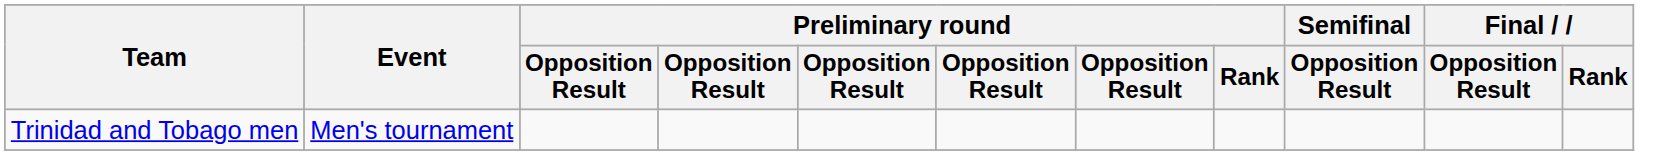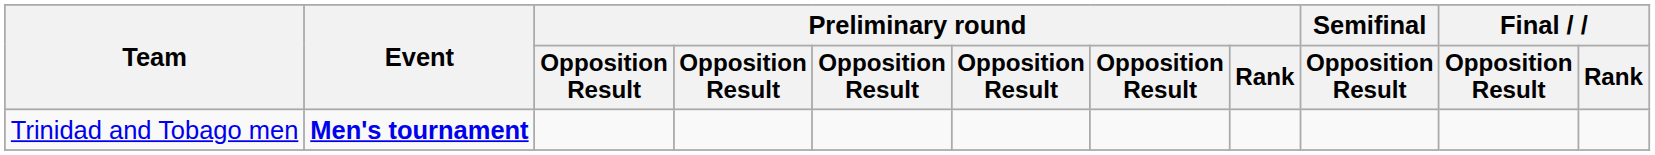 <table class=wikitable style=font-size:90%;text-align:center>
 <tr>
 <th rowspan=2>Team</th>
 <th rowspan=2>Event</th>
 <th colspan=6>Preliminary round</th>
 <th>Semifinal</th>
 <th colspan=2>Final /  / </th>
 </tr>
 <tr style=font-size:95%>
 <th>Opposition<br>Result</th>
 <th>Opposition<br>Result</th>
 <th>Opposition<br>Result</th>
 <th>Opposition<br>Result</th>
 <th>Opposition<br>Result</th>
 <th>Rank</th>
 <th>Opposition<br>Result</th>
 <th>Opposition<br>Result</th>
 <th>Rank</th>
 </tr>
 <tr>
 <td align=left><a href='#'>Trinidad and Tobago men</a></td>
-<td align=left><a href='#'>Men's tournament</a></td>
+<td align=left><strong><a href='#'>Men's tournament</a></strong></td>
 <td></td>
 <td></td>
 <td></td>
 <td></td>
 <td></td>
 <td></td>
 <td></td>
 <td></td>
 <td></td>
 </tr>
 </table>
